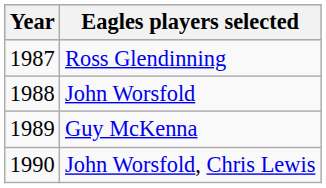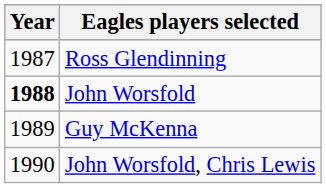 <table class="wikitable">
 <tr style="background:#bdb76b;">
 <th>Year</th>
 <th>Eagles players selected</th>
 </tr>
 <tr>
 <td>1987</td>
 <td><a href='#'>Ross Glendinning</a></td>
 </tr>
 <tr>
-<td>1988</td>
+<td><strong>1988</strong></td>
 <td><a href='#'>John Worsfold</a></td>
 </tr>
 <tr>
 <td>1989</td>
 <td><a href='#'>Guy McKenna</a></td>
 </tr>
 <tr>
 <td>1990</td>
 <td><a href='#'>John Worsfold</a>, <a href='#'>Chris Lewis</a></td>
 </tr>
 </table>
